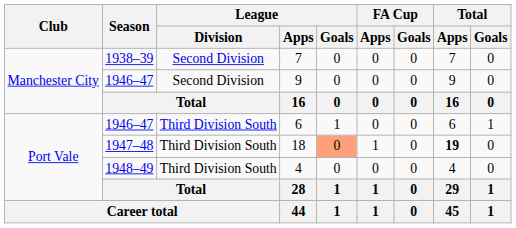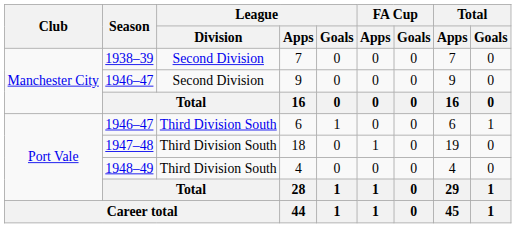 <table class="wikitable" style="text-align: center;">
 <tr>
 <th rowspan="2">Club</th>
 <th rowspan="2">Season</th>
 <th colspan="3">League</th>
 <th colspan="2">FA Cup</th>
 <th colspan="2">Total</th>
 </tr>
 <tr>
 <th>Division</th>
 <th>Apps</th>
 <th>Goals</th>
 <th>Apps</th>
 <th>Goals</th>
 <th>Apps</th>
 <th>Goals</th>
 </tr>
 <tr>
 <td rowspan="3"><a href='#'>Manchester City</a></td>
 <td><a href='#'>1938–39</a></td>
 <td><a href='#'>Second Division</a></td>
 <td>7</td>
 <td>0</td>
 <td>0</td>
 <td>0</td>
 <td>7</td>
 <td>0</td>
 </tr>
 <tr>
 <td><a href='#'>1946–47</a></td>
 <td>Second Division</td>
 <td>9</td>
 <td>0</td>
 <td>0</td>
 <td>0</td>
 <td>9</td>
 <td>0</td>
 </tr>
 <tr>
 <th colspan="2">Total</th>
 <th>16</th>
 <th>0</th>
 <th>0</th>
 <th>0</th>
 <th>16</th>
 <th>0</th>
 </tr>
 <tr>
 <td rowspan="4"><a href='#'>Port Vale</a></td>
 <td><a href='#'>1946–47</a></td>
 <td><a href='#'>Third Division South</a></td>
 <td>6</td>
 <td>1</td>
 <td>0</td>
 <td>0</td>
 <td>6</td>
 <td>1</td>
 </tr>
 <tr>
 <td><a href='#'>1947–48</a></td>
 <td>Third Division South</td>
 <td>18</td>
-<td style="background: lightsalmon;">0</td>
+<td>0</td>
 <td>1</td>
 <td>0</td>
-<td><strong>19</strong></td>
+<td>19</td>
 <td>0</td>
 </tr>
 <tr>
 <td><a href='#'>1948–49</a></td>
 <td>Third Division South</td>
 <td>4</td>
 <td>0</td>
 <td>0</td>
 <td>0</td>
 <td>4</td>
 <td>0</td>
 </tr>
 <tr>
 <th colspan="2">Total</th>
 <th>28</th>
 <th>1</th>
 <th>1</th>
 <th>0</th>
 <th>29</th>
 <th>1</th>
 </tr>
 <tr>
 <th colspan="3">Career total</th>
 <th>44</th>
 <th>1</th>
 <th>1</th>
 <th>0</th>
 <th>45</th>
 <th>1</th>
 </tr>
 </table>
